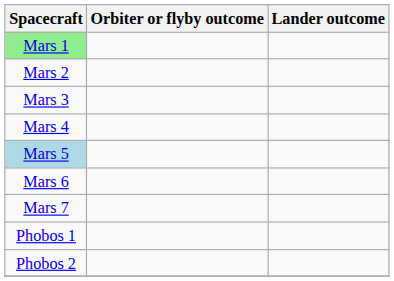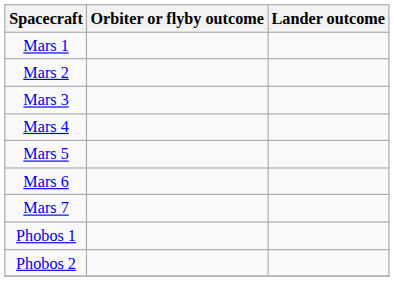 <table class=wikitable style="text-align:center; font-size:88%; float:right; margin-left:1em">
 <tr>
 <th>Spacecraft</th>
 <th>Orbiter or flyby outcome</th>
 <th>Lander outcome</th>
 </tr>
 <tr>
-<td style="background: lightgreen;"><a href='#'>Mars 1</a></td>
+<td><a href='#'>Mars 1</a></td>
 <td></td>
 <td></td>
 </tr>
 <tr>
 <td><a href='#'>Mars 2</a></td>
 <td></td>
 <td></td>
 </tr>
 <tr>
 <td><a href='#'>Mars 3</a></td>
 <td></td>
 <td></td>
 </tr>
 <tr>
 <td><a href='#'>Mars 4</a></td>
 <td></td>
 <td></td>
 </tr>
 <tr>
-<td style="background: lightblue;"><a href='#'>Mars 5</a></td>
+<td><a href='#'>Mars 5</a></td>
 <td></td>
 <td></td>
 </tr>
 <tr>
 <td><a href='#'>Mars 6</a></td>
 <td></td>
 <td></td>
 </tr>
 <tr>
 <td><a href='#'>Mars 7</a></td>
 <td></td>
 <td></td>
 </tr>
 <tr>
 <td><a href='#'>Phobos 1</a></td>
 <td></td>
 <td></td>
 </tr>
 <tr>
 <td><a href='#'>Phobos 2</a></td>
 <td></td>
 <td></td>
 </tr>
 <tr>
 </tr>
 </table>
